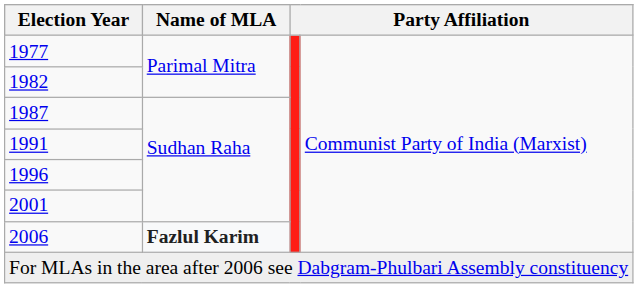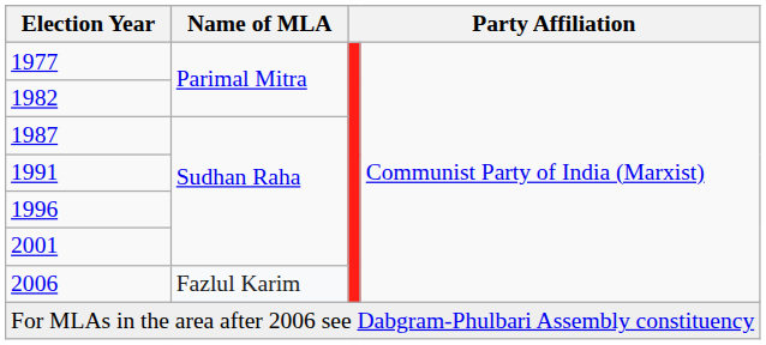 <table class="wikitable sortable">
 <tr style="font-weight:bold; text-align:center; background-color:#c0c0c0;">
 <th>Election Year</th>
 <th>Name of MLA</th>
 <th colspan=2>Party Affiliation</th>
 </tr>
 <tr>
 <td><a href='#'>1977</a></td>
 <td rowspan="2"><a href='#'>Parimal Mitra</a></td>
 <td rowspan="7" style="background-color:#ff1d16;"></td>
 <td rowspan="7"><a href='#'>Communist Party of India (Marxist)</a></td>
 </tr>
 <tr>
 <td><a href='#'>1982</a></td>
 </tr>
 <tr>
 <td><a href='#'>1987</a></td>
 <td rowspan="4"><a href='#'>Sudhan Raha</a><br><br></td>
 </tr>
 <tr>
 <td><a href='#'>1991</a></td>
 </tr>
 <tr>
 <td><a href='#'>1996</a></td>
 </tr>
 <tr>
 <td><a href='#'>2001</a></td>
 </tr>
 <tr>
 <td><a href='#'>2006</a></td>
-<td style="vertical-align:middle; background-color:#F8F9FA; color:#202122;"><strong>Fazlul Karim</strong></td>
+<td style="vertical-align:middle; background-color:#F8F9FA; color:#202122;">Fazlul Karim</td>
 </tr>
 <tr>
 <td colspan="4" style="background-color:#efefef;">For MLAs in the area after 2006 see <a href='#'>Dabgram-Phulbari Assembly constituency</a></td>
 </tr>
 </table>
